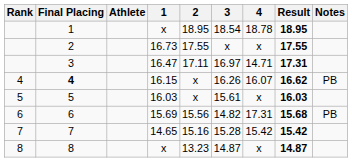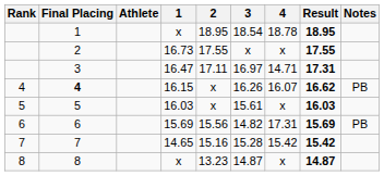 <table class="wikitable sortable" style="text-align:center">
 <tr>
 <th>Rank</th>
 <th>Final Placing</th>
 <th>Athlete</th>
 <th>1</th>
 <th>2</th>
 <th>3</th>
 <th>4</th>
 <th>Result</th>
 <th>Notes</th>
 </tr>
 <tr>
 <td></td>
 <td>1</td>
 <td align=left></td>
 <td>x</td>
 <td>18.95</td>
 <td>18.54</td>
 <td>18.78</td>
 <td><strong>18.95</strong></td>
 <td></td>
 </tr>
 <tr>
 <td></td>
 <td>2</td>
 <td align=left></td>
 <td>16.73</td>
 <td>17.55</td>
 <td>x</td>
 <td>x</td>
 <td><strong>17.55</strong></td>
 <td></td>
 </tr>
 <tr>
 <td></td>
 <td>3</td>
 <td align=left></td>
 <td>16.47</td>
 <td>17.11</td>
 <td>16.97</td>
 <td>14.71</td>
 <td><strong>17.31</strong></td>
 <td></td>
 </tr>
 <tr>
 <td>4</td>
 <td><strong>4</strong></td>
 <td align=left></td>
 <td>16.15</td>
 <td>x</td>
 <td>16.26</td>
 <td>16.07</td>
 <td><strong>16.62</strong></td>
 <td>PB</td>
 </tr>
 <tr>
 <td>5</td>
 <td>5</td>
 <td align=left></td>
 <td>16.03</td>
 <td>x</td>
 <td>15.61</td>
 <td>x</td>
 <td><strong>16.03</strong></td>
 <td></td>
 </tr>
 <tr>
 <td>6</td>
 <td>6</td>
 <td align=left></td>
 <td>15.69</td>
 <td>15.56</td>
 <td>14.82</td>
 <td>17.31</td>
-<td><strong>15.68</strong></td>
+<td><strong>15.69</strong></td>
 <td>PB</td>
 </tr>
 <tr>
 <td>7</td>
 <td>7</td>
 <td align=left></td>
 <td>14.65</td>
 <td>15.16</td>
 <td>15.28</td>
 <td>15.42</td>
 <td><strong>15.42</strong></td>
 <td></td>
 </tr>
 <tr>
 <td>8</td>
 <td>8</td>
 <td align=left></td>
 <td>x</td>
 <td>13.23</td>
 <td>14.87</td>
 <td>x</td>
 <td><strong>14.87</strong></td>
 <td></td>
 </tr>
 </table>
